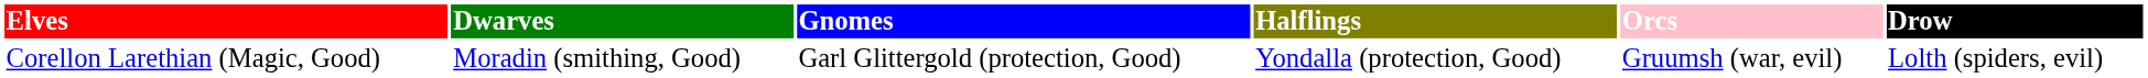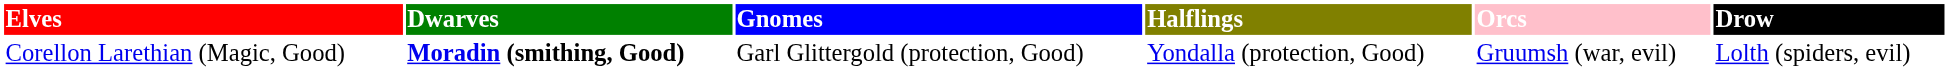 <table border=0 width=100%>
 <tr>
 <td style="color:white" bgcolor=red><strong>Elves</strong></td>
 <td style="color:white" bgcolor=green><strong>Dwarves</strong></td>
 <td style="color:white" bgcolor=blue><strong>Gnomes</strong></td>
 <td style="color:white" bgcolor=olive><strong>Halflings</strong></td>
 <td style="color:white" bgcolor=pink><strong>Orcs</strong></td>
 <td style="color:white" bgcolor=black><strong>Drow</strong></td>
 </tr>
 <tr>
 <td><a href='#'>Corellon Larethian</a> (Magic, Good)</td>
-<td><a href='#'>Moradin</a> (smithing, Good)</td>
+<td><strong><a href='#'>Moradin</a> (smithing, Good)</strong></td>
 <td>Garl Glittergold (protection, Good)</td>
 <td><a href='#'>Yondalla</a> (protection, Good)</td>
 <td><a href='#'>Gruumsh</a> (war, evil)</td>
 <td><a href='#'>Lolth</a> (spiders, evil)</td>
 </tr>
 <tr>
 </tr>
 </table>
